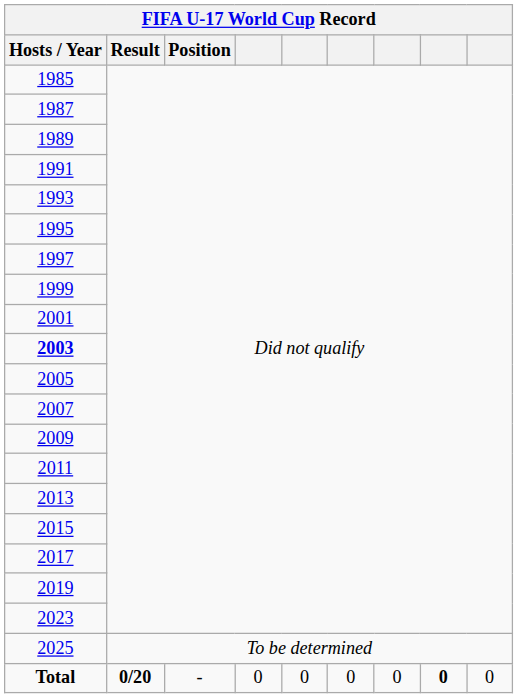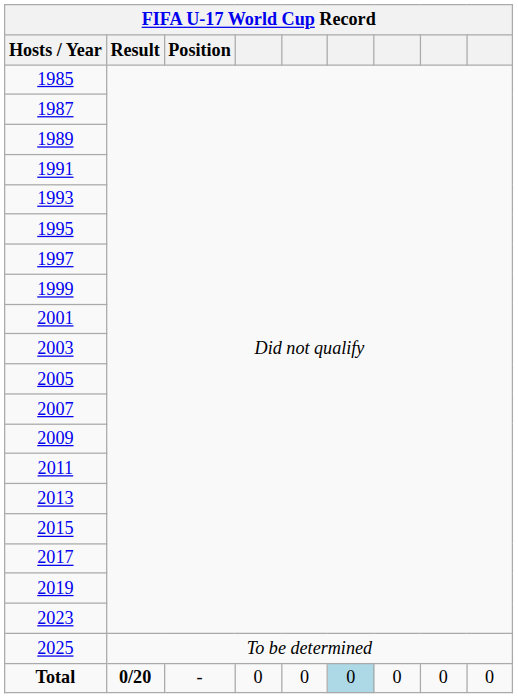 <table class="wikitable" style="text-align: center;font-size:90%;">
 <tr>
 <th colspan=9><a href='#'>FIFA U-17 World Cup</a> Record</th>
 </tr>
 <tr>
 <th>Hosts / Year</th>
 <th>Result</th>
 <th>Position</th>
 <th width=30></th>
 <th width=30></th>
 <th width=30></th>
 <th width=30></th>
 <th width=30></th>
 <th width=30></th>
 </tr>
 <tr>
 <td> <a href='#'>1985</a></td>
 <td colspan=8 rowspan=19><em>Did not qualify</em></td>
 </tr>
 <tr>
 <td> <a href='#'>1987</a></td>
 </tr>
 <tr>
 <td> <a href='#'>1989</a></td>
 </tr>
 <tr>
 <td> <a href='#'>1991</a></td>
 </tr>
 <tr>
 <td> <a href='#'>1993</a></td>
 </tr>
 <tr>
 <td> <a href='#'>1995</a></td>
 </tr>
 <tr>
 <td> <a href='#'>1997</a></td>
 </tr>
 <tr>
 <td> <a href='#'>1999</a></td>
 </tr>
 <tr>
 <td> <a href='#'>2001</a></td>
 </tr>
 <tr>
-<td><strong> <a href='#'>2003</a></strong></td>
+<td> <a href='#'>2003</a></td>
 </tr>
 <tr>
 <td> <a href='#'>2005</a></td>
 </tr>
 <tr>
 <td> <a href='#'>2007</a></td>
 </tr>
 <tr>
 <td> <a href='#'>2009</a></td>
 </tr>
 <tr>
 <td> <a href='#'>2011</a></td>
 </tr>
 <tr>
 <td> <a href='#'>2013</a></td>
 </tr>
 <tr>
 <td> <a href='#'>2015</a></td>
 </tr>
 <tr>
 <td> <a href='#'>2017</a></td>
 </tr>
 <tr>
 <td> <a href='#'>2019</a></td>
 </tr>
 <tr>
 <td> <a href='#'>2023</a></td>
 </tr>
 <tr>
 <td> <a href='#'>2025</a></td>
 <td colspan=8><em>To be determined</em></td>
 </tr>
 <tr>
 <td><strong>Total</strong></td>
 <td><strong>0/20</strong></td>
 <td>-</td>
 <td>0</td>
 <td>0</td>
+<td style="background: lightblue;">0</td>
 <td>0</td>
 <td>0</td>
-<td><strong>0</strong></td>
 <td>0</td>
 </tr>
 </table>
